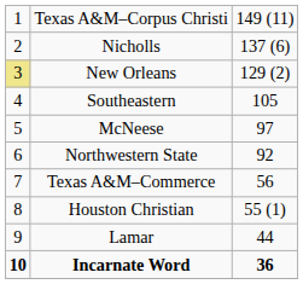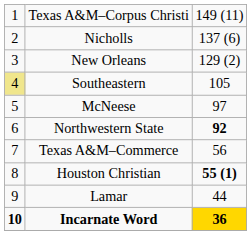 <table class="wikitable">
 <tr align="center">
 <td>1</td>
 <td>Texas A&M–Corpus Christi</td>
 <td>149 (11)</td>
 </tr>
 <tr align="center">
 <td>2</td>
 <td>Nicholls</td>
 <td>137 (6)</td>
 </tr>
 <tr align="center">
-<td style="background: khaki;">3</td>
+<td>3</td>
 <td>New Orleans</td>
 <td>129 (2)</td>
 </tr>
 <tr align="center">
-<td>4</td>
+<td style="background: khaki;">4</td>
 <td>Southeastern</td>
 <td>105</td>
 </tr>
 <tr align="center">
 <td>5</td>
 <td>McNeese</td>
 <td>97</td>
 </tr>
 <tr align="center">
 <td>6</td>
 <td>Northwestern State</td>
-<td>92</td>
+<td><strong>92</strong></td>
 </tr>
 <tr align="center">
 <td>7</td>
 <td>Texas A&M–Commerce</td>
 <td>56</td>
 </tr>
 <tr align="center">
 <td>8</td>
 <td>Houston Christian</td>
-<td>55 (1)</td>
+<td><strong>55 (1)</strong></td>
 </tr>
 <tr align="center">
 <td>9</td>
 <td>Lamar</td>
 <td>44</td>
 </tr>
 <tr align="center">
 <td><strong>10</strong></td>
 <td><strong>Incarnate Word</strong></td>
-<td><strong>36</strong></td>
+<td style="background: gold;"><strong>36</strong></td>
 </tr>
 <tr align="center">
 </tr>
 </table>
